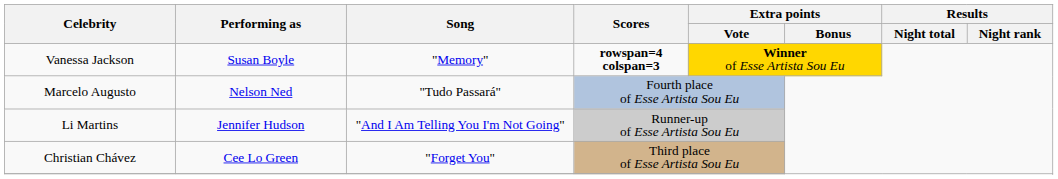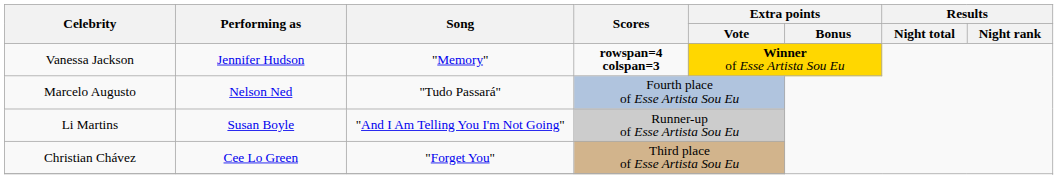 <table class="wikitable" style="font-size:100%; line-height:16px; text-align:center" width="100%">
 <tr>
 <th rowspan="2" style="width:15.0%;">Celebrity</th>
 <th rowspan="2" style="width:15.0%;">Performing as</th>
 <th rowspan="2" style="width:20.0%;">Song</th>
 <th rowspan="2" style="width:10.0%;">Scores</th>
 <th colspan="2">Extra points</th>
 <th colspan="2">Results</th>
 </tr>
 <tr>
 <th style="width:08.5%;">Vote</th>
 <th style="width:08.5%;">Bonus</th>
 <th style="width:07.5%;">Night total</th>
 <th style="width:07.5%;">Night rank</th>
 </tr>
 <tr>
 <td>Vanessa Jackson</td>
-<td><a href='#'>Susan Boyle</a></td>
+<td><a href='#'>Jennifer Hudson</a></td>
 <td>"<a href='#'>Memory</a>"</td>
 <td><strong>rowspan=4 colspan=3 </strong></td>
 <td bgcolor="FFD700" colspan=2><strong>Winner</strong><br>of <em>Esse Artista Sou Eu</em></td>
 </tr>
 <tr>
 <td>Marcelo Augusto</td>
 <td><a href='#'>Nelson Ned</a></td>
 <td>"Tudo Passará"</td>
 <td bgcolor="B0C4DE" colspan=2>Fourth place<br>of <em>Esse Artista Sou Eu</em></td>
 </tr>
 <tr>
 <td>Li Martins</td>
-<td><a href='#'>Jennifer Hudson</a></td>
+<td><a href='#'>Susan Boyle</a></td>
 <td>"<a href='#'>And I Am Telling You I'm Not Going</a>"</td>
 <td bgcolor="CCCCCC" colspan=2>Runner-up<br>of <em>Esse Artista Sou Eu</em></td>
 </tr>
 <tr>
 <td>Christian Chávez</td>
 <td><a href='#'>Cee Lo Green</a></td>
 <td>"<a href='#'>Forget You</a>"</td>
 <td bgcolor="D2B48C" colspan=2>Third place<br>of <em>Esse Artista Sou Eu</em></td>
 </tr>
 <tr>
 </tr>
 </table>
